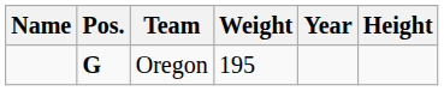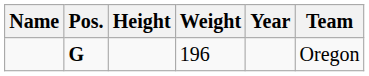 <table class="wikitable sortable" style="font-size:110%;" border="1">
 <tr>
 <th>Name</th>
 <th>Pos.</th>
-<th>Team</th>
+<th>Height</th>
 <th>Weight</th>
 <th>Year</th>
-<th>Height</th>
+<th>Team</th>
 </tr>
 <tr>
 <td></td>
 <td><strong>G</strong></td>
+<td></td>
+<td>196</td>
+<td></td>
 <td>Oregon</td>
-<td>195</td>
-<td></td>
-<td></td>
 </tr>
 </table>
